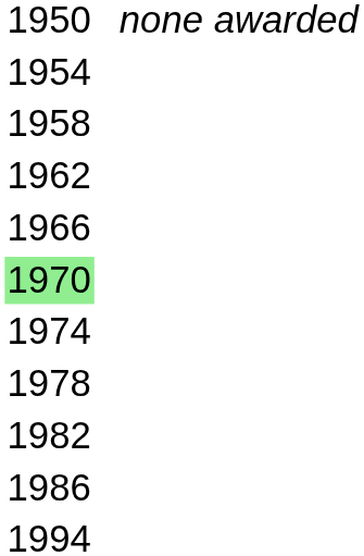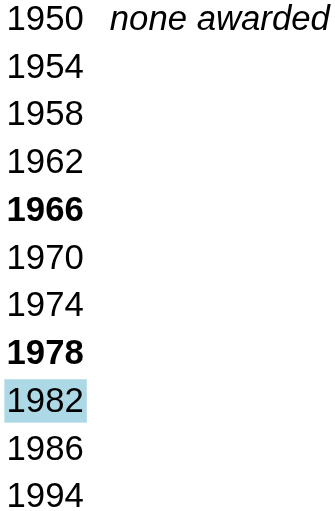 <table>
 <tr>
 <td>1950</td>
 <td></td>
 <td></td>
 <td colspan="2"><em>none awarded</em></td>
 </tr>
 <tr>
 <td>1954</td>
 <td></td>
 <td></td>
 <td></td>
 </tr>
 <tr>
 <td>1958</td>
 <td></td>
 <td></td>
 <td></td>
 </tr>
 <tr>
 <td>1962</td>
 <td></td>
 <td></td>
 <td></td>
 </tr>
 <tr>
-<td>1966</td>
+<td><strong>1966</strong></td>
 <td></td>
 <td></td>
 <td></td>
 </tr>
 <tr>
-<td style="background: lightgreen;">1970</td>
+<td>1970</td>
 <td></td>
 <td></td>
 <td></td>
 </tr>
 <tr>
 <td>1974</td>
 <td></td>
 <td></td>
 <td></td>
 </tr>
 <tr>
-<td>1978</td>
+<td><strong>1978</strong></td>
 <td></td>
 <td></td>
 <td></td>
 </tr>
 <tr>
-<td>1982</td>
+<td style="background: lightblue;">1982</td>
 <td></td>
 <td></td>
 <td></td>
 </tr>
 <tr>
 <td>1986</td>
 <td></td>
 <td></td>
 <td></td>
 </tr>
 <tr>
 <td>1994</td>
 <td></td>
 <td></td>
 <td></td>
 </tr>
 </table>
